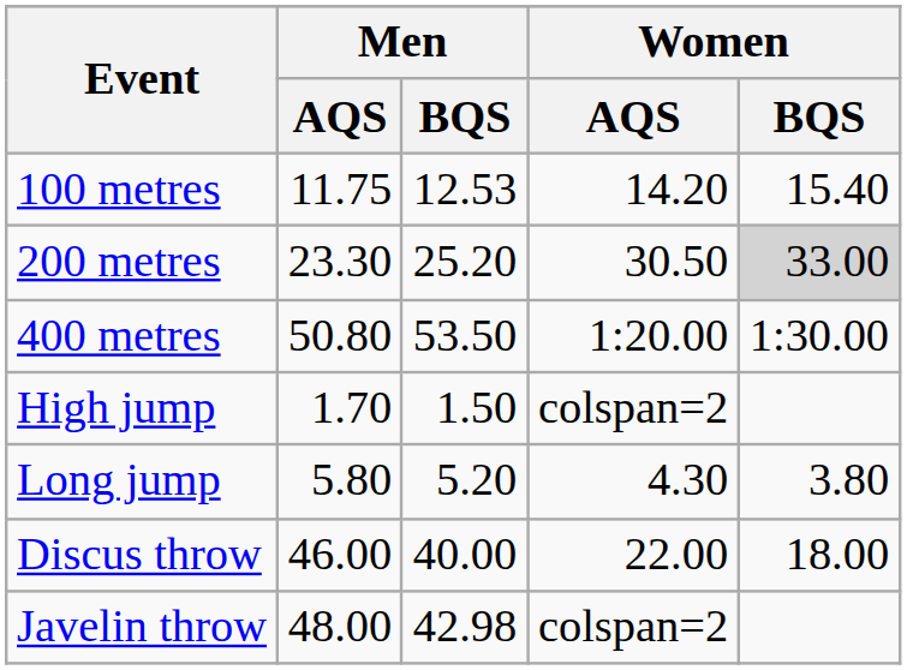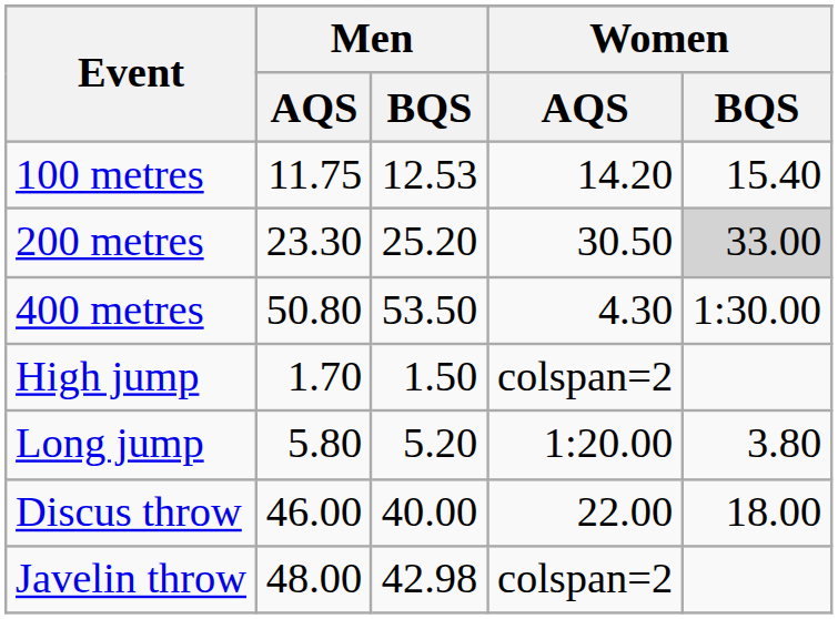 <table class="wikitable" style="text-align:right;">
 <tr>
 </tr>
 <tr>
 <th rowspan=2>Event</th>
 <th colspan=2>Men</th>
 <th colspan=2>Women</th>
 </tr>
 <tr>
 <th>AQS</th>
 <th>BQS</th>
 <th>AQS</th>
 <th>BQS</th>
 </tr>
 <tr>
 <td style="text-align:left;"><a href='#'>100 metres</a></td>
 <td>11.75</td>
 <td>12.53</td>
 <td>14.20</td>
 <td>15.40</td>
 </tr>
 <tr>
 <td style="text-align:left;"><a href='#'>200 metres</a></td>
 <td>23.30</td>
 <td>25.20</td>
 <td>30.50</td>
 <td style="background: lightgrey;">33.00</td>
 </tr>
 <tr>
 <td style="text-align:left;"><a href='#'>400 metres</a></td>
 <td>50.80</td>
 <td>53.50</td>
-<td>1:20.00</td>
+<td>4.30</td>
 <td>1:30.00</td>
 </tr>
 <tr>
 <td style="text-align:left;"><a href='#'>High jump</a></td>
 <td>1.70</td>
 <td>1.50</td>
 <td>colspan=2 </td>
 </tr>
 <tr>
 <td style="text-align:left;"><a href='#'>Long jump</a></td>
 <td>5.80</td>
 <td>5.20</td>
-<td>4.30</td>
+<td>1:20.00</td>
 <td>3.80</td>
 </tr>
 <tr>
 <td style="text-align:left;"><a href='#'>Discus throw</a></td>
 <td>46.00</td>
 <td>40.00</td>
 <td>22.00</td>
 <td>18.00</td>
 </tr>
 <tr>
 <td style="text-align:left;"><a href='#'>Javelin throw</a></td>
 <td>48.00</td>
 <td>42.98</td>
 <td>colspan=2 </td>
 </tr>
 </table>
